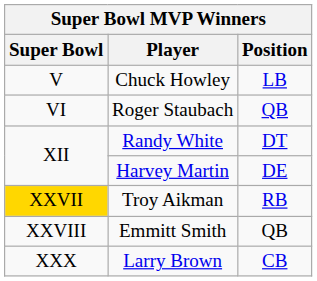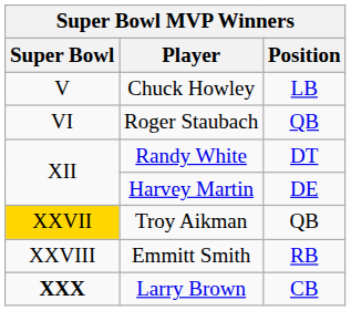 <table class="wikitable" style="text-align:center">
 <tr>
 <th colspan="3">Super Bowl MVP Winners</th>
 </tr>
 <tr>
 <th>Super Bowl</th>
 <th>Player</th>
 <th>Position</th>
 </tr>
 <tr>
 <td>V</td>
 <td>Chuck Howley</td>
 <td><a href='#'>LB</a></td>
 </tr>
 <tr>
 <td>VI</td>
 <td>Roger Staubach</td>
 <td><a href='#'>QB</a></td>
 </tr>
 <tr>
 <td rowspan=2>XII</td>
 <td><a href='#'>Randy White</a></td>
 <td><a href='#'>DT</a></td>
 </tr>
 <tr>
 <td><a href='#'>Harvey Martin</a></td>
 <td><a href='#'>DE</a></td>
 </tr>
 <tr>
 <td style="background: gold;">XXVII</td>
 <td>Troy Aikman</td>
-<td><a href='#'>RB</a></td>
+<td>QB</td>
 </tr>
 <tr>
 <td>XXVIII</td>
 <td>Emmitt Smith</td>
-<td>QB</td>
+<td><a href='#'>RB</a></td>
 </tr>
 <tr>
-<td>XXX</td>
+<td><strong>XXX</strong></td>
 <td><a href='#'>Larry Brown</a></td>
 <td><a href='#'>CB</a></td>
 </tr>
 </table>
